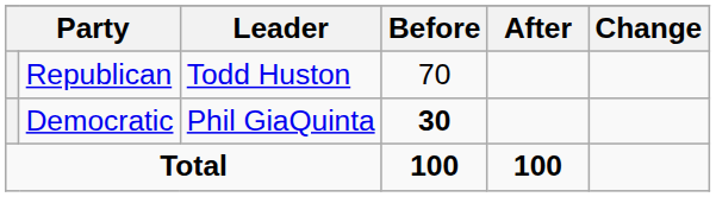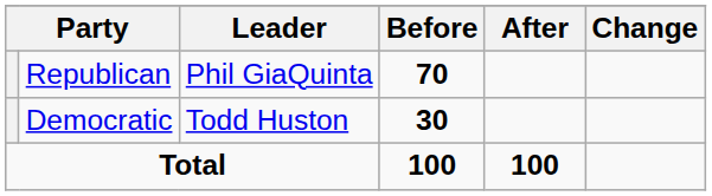 <table class="wikitable" style="text-align:center;">
 <tr>
 </tr>
 <tr>
 <th colspan="2">Party</th>
 <th>Leader</th>
 <th style="width:3em">Before</th>
 <th style="width:3em">After</th>
 <th style="width:3em">Change</th>
 </tr>
 <tr>
 <th style="background-color:"></th>
 <td style="text-align:left;"><a href='#'>Republican</a></td>
-<td style="text-align:left;"><a href='#'>Todd Huston</a></td>
-<td>70</td>
+<td style="text-align:left;"><a href='#'>Phil GiaQuinta</a></td>
+<td><strong>70</strong></td>
 <td></td>
 <td></td>
 </tr>
 <tr>
 <th style="background-color:"></th>
 <td style="text-align:left;"><a href='#'>Democratic</a></td>
-<td style="text-align:left;"><a href='#'>Phil GiaQuinta</a></td>
+<td style="text-align:left;"><a href='#'>Todd Huston</a></td>
 <td><strong>30</strong></td>
 <td></td>
 <td></td>
 </tr>
 <tr>
 <td colspan="3"><strong>Total</strong></td>
 <td><strong>100</strong></td>
 <td><strong>100</strong></td>
 <td></td>
 </tr>
 </table>
